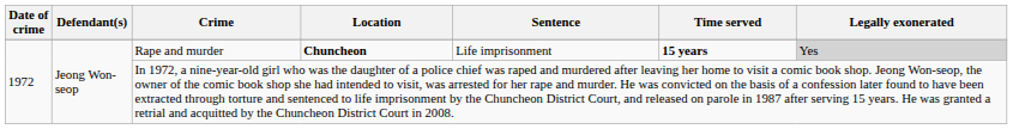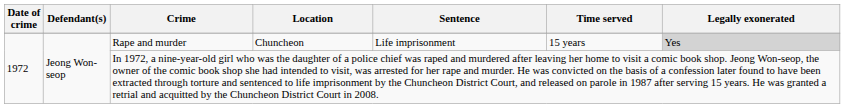 <table class="wikitable sortable">
 <tr>
 <th>Date of crime</th>
 <th>Defendant(s)</th>
 <th>Crime</th>
 <th>Location</th>
 <th>Sentence</th>
 <th>Time served</th>
 <th>Legally exonerated</th>
 </tr>
 <tr>
 </tr>
 <tr ->
 <td rowspan="2">1972</td>
 <td rowspan="2">Jeong Won-seop</td>
 <td>Rape and murder</td>
-<td><strong>Chuncheon</strong></td>
+<td>Chuncheon</td>
 <td>Life imprisonment</td>
-<td><strong>15 years</strong></td>
+<td>15 years</td>
 <td style="background: lightgrey;">Yes</td>
 </tr>
 <tr>
 <td colspan=5>In 1972, a nine-year-old girl who was the daughter of a police chief was raped and murdered after leaving her home to visit a comic book shop. Jeong Won-seop, the owner of the comic book shop she had intended to visit, was arrested for her rape and murder. He was convicted on the basis of a confession later found to have been extracted through torture and sentenced to life imprisonment by the Chuncheon District Court, and released on parole in 1987 after serving 15 years. He was granted a retrial and acquitted by the Chuncheon District Court in 2008.</td>
 </tr>
 </table>
